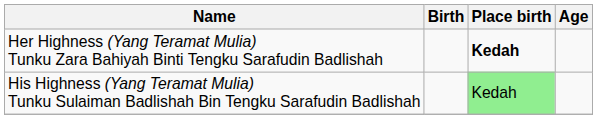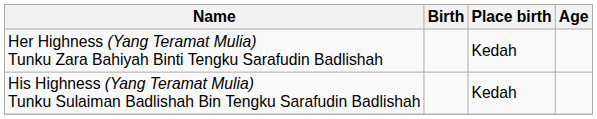 <table Class="wikitable">
 <tr>
 <th>Name</th>
 <th>Birth</th>
 <th>Place birth</th>
 <th>Age</th>
 </tr>
 <tr>
 <td>Her Highness <em>(Yang Teramat Mulia)</em> <br> Tunku Zara Bahiyah Binti Tengku Sarafudin Badlishah</td>
 <td></td>
-<td><strong>Kedah</strong></td>
+<td>Kedah</td>
 <td></td>
 </tr>
 <tr>
 <td>His Highness <em>(Yang Teramat Mulia)</em> <br> Tunku Sulaiman Badlishah Bin Tengku Sarafudin Badlishah</td>
 <td></td>
-<td style="background: lightgreen;">Kedah</td>
+<td>Kedah</td>
 <td></td>
 </tr>
 <tr>
 </tr>
 </table>
